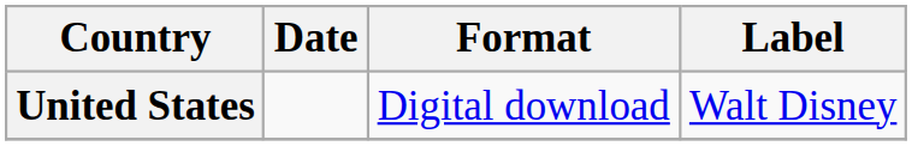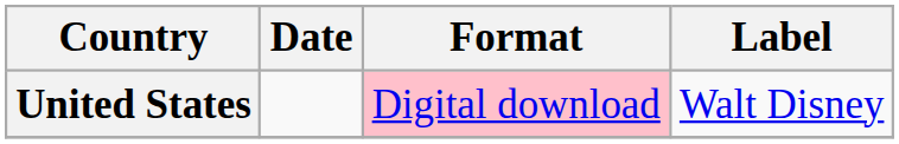 <table class="wikitable plainrowheaders">
 <tr>
 <th scope="col">Country</th>
 <th scope="col">Date</th>
 <th scope="col">Format</th>
 <th scope="col">Label</th>
 </tr>
 <tr>
 <th scope="row">United States</th>
 <td></td>
-<td><a href='#'>Digital download</a></td>
+<td style="background: pink;"><a href='#'>Digital download</a></td>
 <td><a href='#'>Walt Disney</a></td>
 </tr>
 <tr>
 </tr>
 </table>
